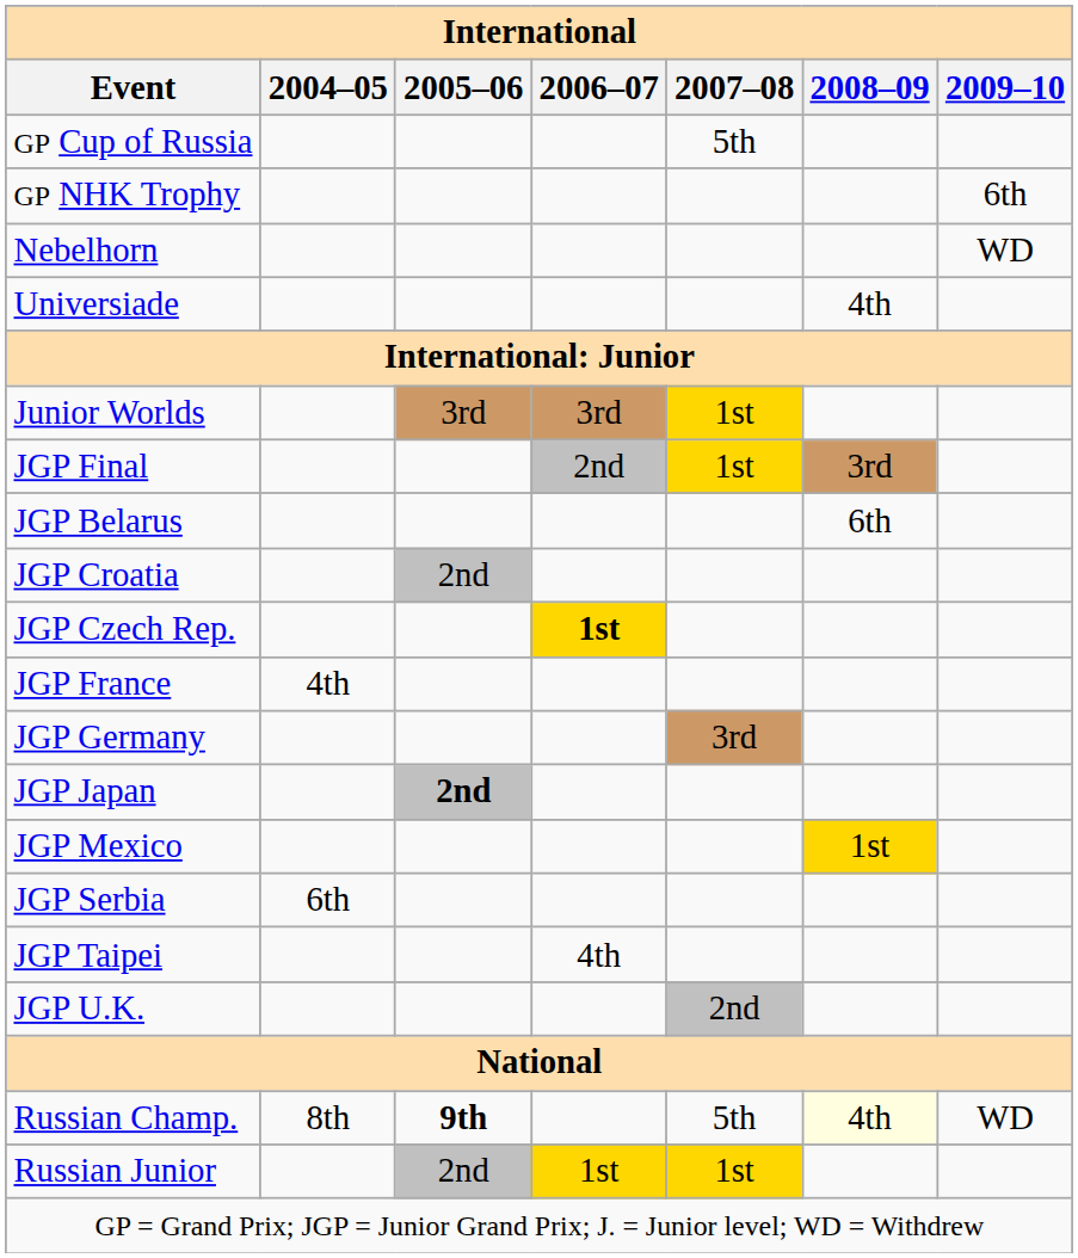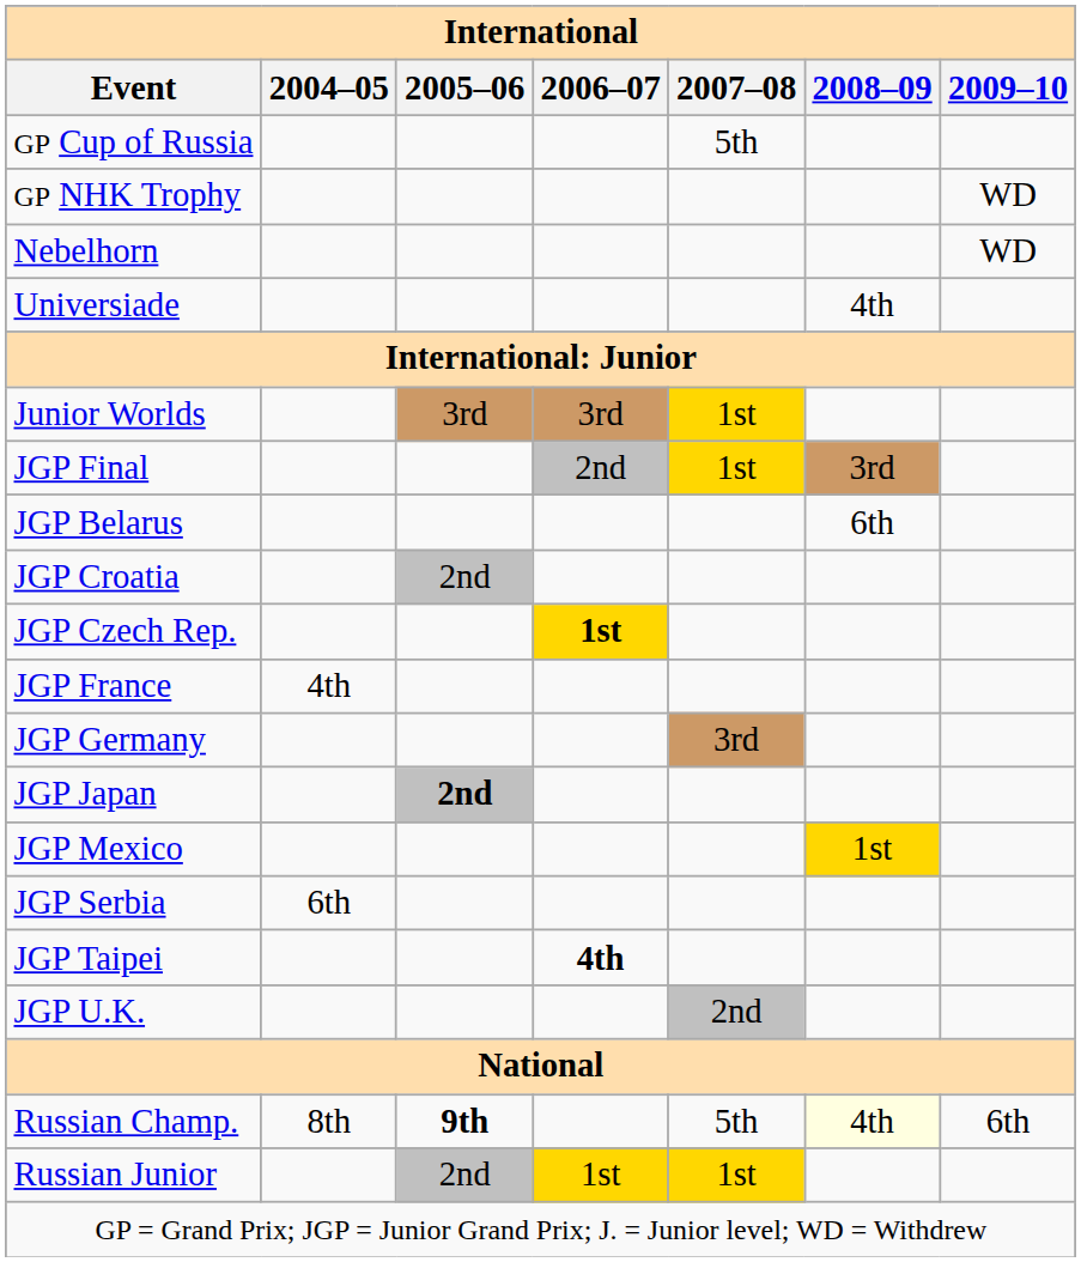 <table class="wikitable" style="text-align:center">
 <tr>
 <th style="background-color: #ffdead; " colspan=7 align=center><strong>International</strong></th>
 </tr>
 <tr>
 <th>Event</th>
 <th>2004–05</th>
 <th>2005–06</th>
 <th>2006–07</th>
 <th>2007–08</th>
 <th><a href='#'>2008–09</a></th>
 <th><a href='#'>2009–10</a></th>
 </tr>
 <tr>
 <td align=left><small>GP</small> <a href='#'>Cup of Russia</a></td>
 <td></td>
 <td></td>
 <td></td>
 <td>5th</td>
 <td></td>
 <td></td>
 </tr>
 <tr>
 <td align=left><small>GP</small> <a href='#'>NHK Trophy</a></td>
 <td></td>
 <td></td>
 <td></td>
 <td></td>
 <td></td>
-<td>6th</td>
+<td>WD</td>
 </tr>
 <tr>
 <td align=left><a href='#'>Nebelhorn</a></td>
 <td></td>
 <td></td>
 <td></td>
 <td></td>
 <td></td>
 <td>WD</td>
 </tr>
 <tr>
 <td align=left><a href='#'>Universiade</a></td>
 <td></td>
 <td></td>
 <td></td>
 <td></td>
 <td>4th</td>
 <td></td>
 </tr>
 <tr>
 <th style="background-color: #ffdead; " colspan=7 align=center><strong>International: Junior</strong></th>
 </tr>
 <tr>
 <td align=left><a href='#'>Junior Worlds</a></td>
 <td></td>
 <td bgcolor=cc9966>3rd</td>
 <td bgcolor=cc9966>3rd</td>
 <td bgcolor=gold>1st</td>
 <td></td>
 <td></td>
 </tr>
 <tr>
 <td align=left><a href='#'>JGP Final</a></td>
 <td></td>
 <td></td>
 <td bgcolor=silver>2nd</td>
 <td bgcolor=gold>1st</td>
 <td bgcolor=cc9966>3rd</td>
 <td></td>
 </tr>
 <tr>
 <td align=left><a href='#'>JGP Belarus</a></td>
 <td></td>
 <td></td>
 <td></td>
 <td></td>
 <td>6th</td>
 <td></td>
 </tr>
 <tr>
 <td align=left><a href='#'>JGP Croatia</a></td>
 <td></td>
 <td bgcolor=silver>2nd</td>
 <td></td>
 <td></td>
 <td></td>
 <td></td>
 </tr>
 <tr>
 <td align=left><a href='#'>JGP Czech Rep.</a></td>
 <td></td>
 <td></td>
 <td bgcolor=gold><strong>1st</strong></td>
 <td></td>
 <td></td>
 <td></td>
 </tr>
 <tr>
 <td align=left><a href='#'>JGP France</a></td>
 <td>4th</td>
 <td></td>
 <td></td>
 <td></td>
 <td></td>
 <td></td>
 </tr>
 <tr>
 <td align=left><a href='#'>JGP Germany</a></td>
 <td></td>
 <td></td>
 <td></td>
 <td bgcolor=cc9966>3rd</td>
 <td></td>
 <td></td>
 </tr>
 <tr>
 <td align=left><a href='#'>JGP Japan</a></td>
 <td></td>
 <td bgcolor=silver><strong>2nd</strong></td>
 <td></td>
 <td></td>
 <td></td>
 <td></td>
 </tr>
 <tr>
 <td align=left><a href='#'>JGP Mexico</a></td>
 <td></td>
 <td></td>
 <td></td>
 <td></td>
 <td bgcolor=gold>1st</td>
 <td></td>
 </tr>
 <tr>
 <td align=left><a href='#'>JGP Serbia</a></td>
 <td>6th</td>
 <td></td>
 <td></td>
 <td></td>
 <td></td>
 <td></td>
 </tr>
 <tr>
 <td align=left><a href='#'>JGP Taipei</a></td>
 <td></td>
 <td></td>
-<td>4th</td>
+<td><strong>4th</strong></td>
 <td></td>
 <td></td>
 <td></td>
 </tr>
 <tr>
 <td align=left><a href='#'>JGP U.K.</a></td>
 <td></td>
 <td></td>
 <td></td>
 <td bgcolor=silver>2nd</td>
 <td></td>
 <td></td>
 </tr>
 <tr>
 <th style="background-color: #ffdead; " colspan=7 align=center><strong>National</strong></th>
 </tr>
 <tr>
 <td align=left><a href='#'>Russian Champ.</a></td>
 <td>8th</td>
 <td><strong>9th</strong></td>
 <td></td>
 <td>5th</td>
 <td style="background: lightyellow;">4th</td>
-<td>WD</td>
+<td>6th</td>
 </tr>
 <tr>
 <td align=left><a href='#'>Russian Junior</a></td>
 <td></td>
 <td bgcolor=silver>2nd</td>
 <td bgcolor=gold>1st</td>
 <td bgcolor=gold>1st</td>
 <td></td>
 <td></td>
 </tr>
 <tr>
 <td colspan=7 align=center><small> GP = Grand Prix; JGP = Junior Grand Prix; J. = Junior level; WD = Withdrew </small></td>
 </tr>
 </table>
